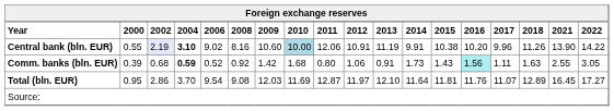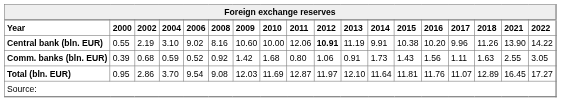 <table border="1" cellpadding="4" cellspacing="0" class="toccolours" style="align:left; margin:0.5em 0 0; border-style:solid; border:1px solid #7f7f7f; border-right-width:2px; border-bottom-width:2px; border-collapse:collapse; font-size:88%;">
 <tr>
 <th colspan="19" style="background: #efefef; border-bottom: 2px solid gray;">Foreign exchange reserves</th>
 </tr>
 <tr>
 <td><strong>Year</strong></td>
 <td><strong>2000</strong></td>
 <td><strong>2002</strong></td>
 <td><strong>2004</strong></td>
 <td><strong>2006</strong></td>
 <td><strong>2008</strong></td>
 <td><strong>2009</strong></td>
 <td><strong>2010</strong></td>
 <td><strong>2011</strong></td>
 <td><strong>2012</strong></td>
 <td><strong>2013</strong></td>
 <td><strong>2014</strong></td>
 <td><strong>2015</strong></td>
 <td><strong>2016</strong></td>
 <td><strong>2017</strong></td>
 <td><strong>2018</strong></td>
 <td><strong>2021</strong></td>
 <td><strong>2022</strong></td>
 </tr>
 <tr>
 <td><strong>Central bank (bln. EUR)</strong></td>
 <td>0.55</td>
-<td style="background: lavender;">2.19</td>
-<td><strong>3.10</strong></td>
+<td>2.19</td>
+<td>3.10</td>
 <td>9.02</td>
 <td>8.16</td>
 <td>10.60</td>
-<td style="background: lightblue;">10.00</td>
+<td>10.00</td>
 <td>12.06</td>
-<td>10.91</td>
+<td><strong>10.91</strong></td>
 <td>11.19</td>
 <td>9.91</td>
 <td>10.38</td>
 <td>10.20</td>
 <td>9.96</td>
 <td>11.26</td>
 <td>13.90</td>
 <td>14.22</td>
 </tr>
 <tr>
 <td><strong>Comm. banks (bln. EUR)</strong></td>
 <td>0.39</td>
 <td>0.68</td>
-<td><strong>0.59</strong></td>
+<td>0.59</td>
 <td>0.52</td>
 <td>0.92</td>
 <td>1.42</td>
 <td>1.68</td>
 <td>0.80</td>
 <td>1.06</td>
 <td>0.91</td>
 <td>1.73</td>
 <td>1.43</td>
-<td style="background: paleturquoise;">1.56</td>
+<td>1.56</td>
 <td>1.11</td>
 <td>1.63</td>
 <td>2.55</td>
 <td>3.05</td>
 </tr>
 <tr>
 <td><strong>Total (bln. EUR)</strong></td>
 <td>0.95</td>
 <td>2.86</td>
 <td>3.70</td>
 <td>9.54</td>
 <td>9.08</td>
 <td>12.03</td>
 <td>11.69</td>
 <td>12.87</td>
 <td>11.97</td>
 <td>12.10</td>
 <td>11.64</td>
 <td>11.81</td>
 <td>11.76</td>
 <td>11.07</td>
 <td>12.89</td>
 <td>16.45</td>
 <td>17.27</td>
 </tr>
 <tr>
 <td colspan="18">Source: </td>
 </tr>
 </table>
